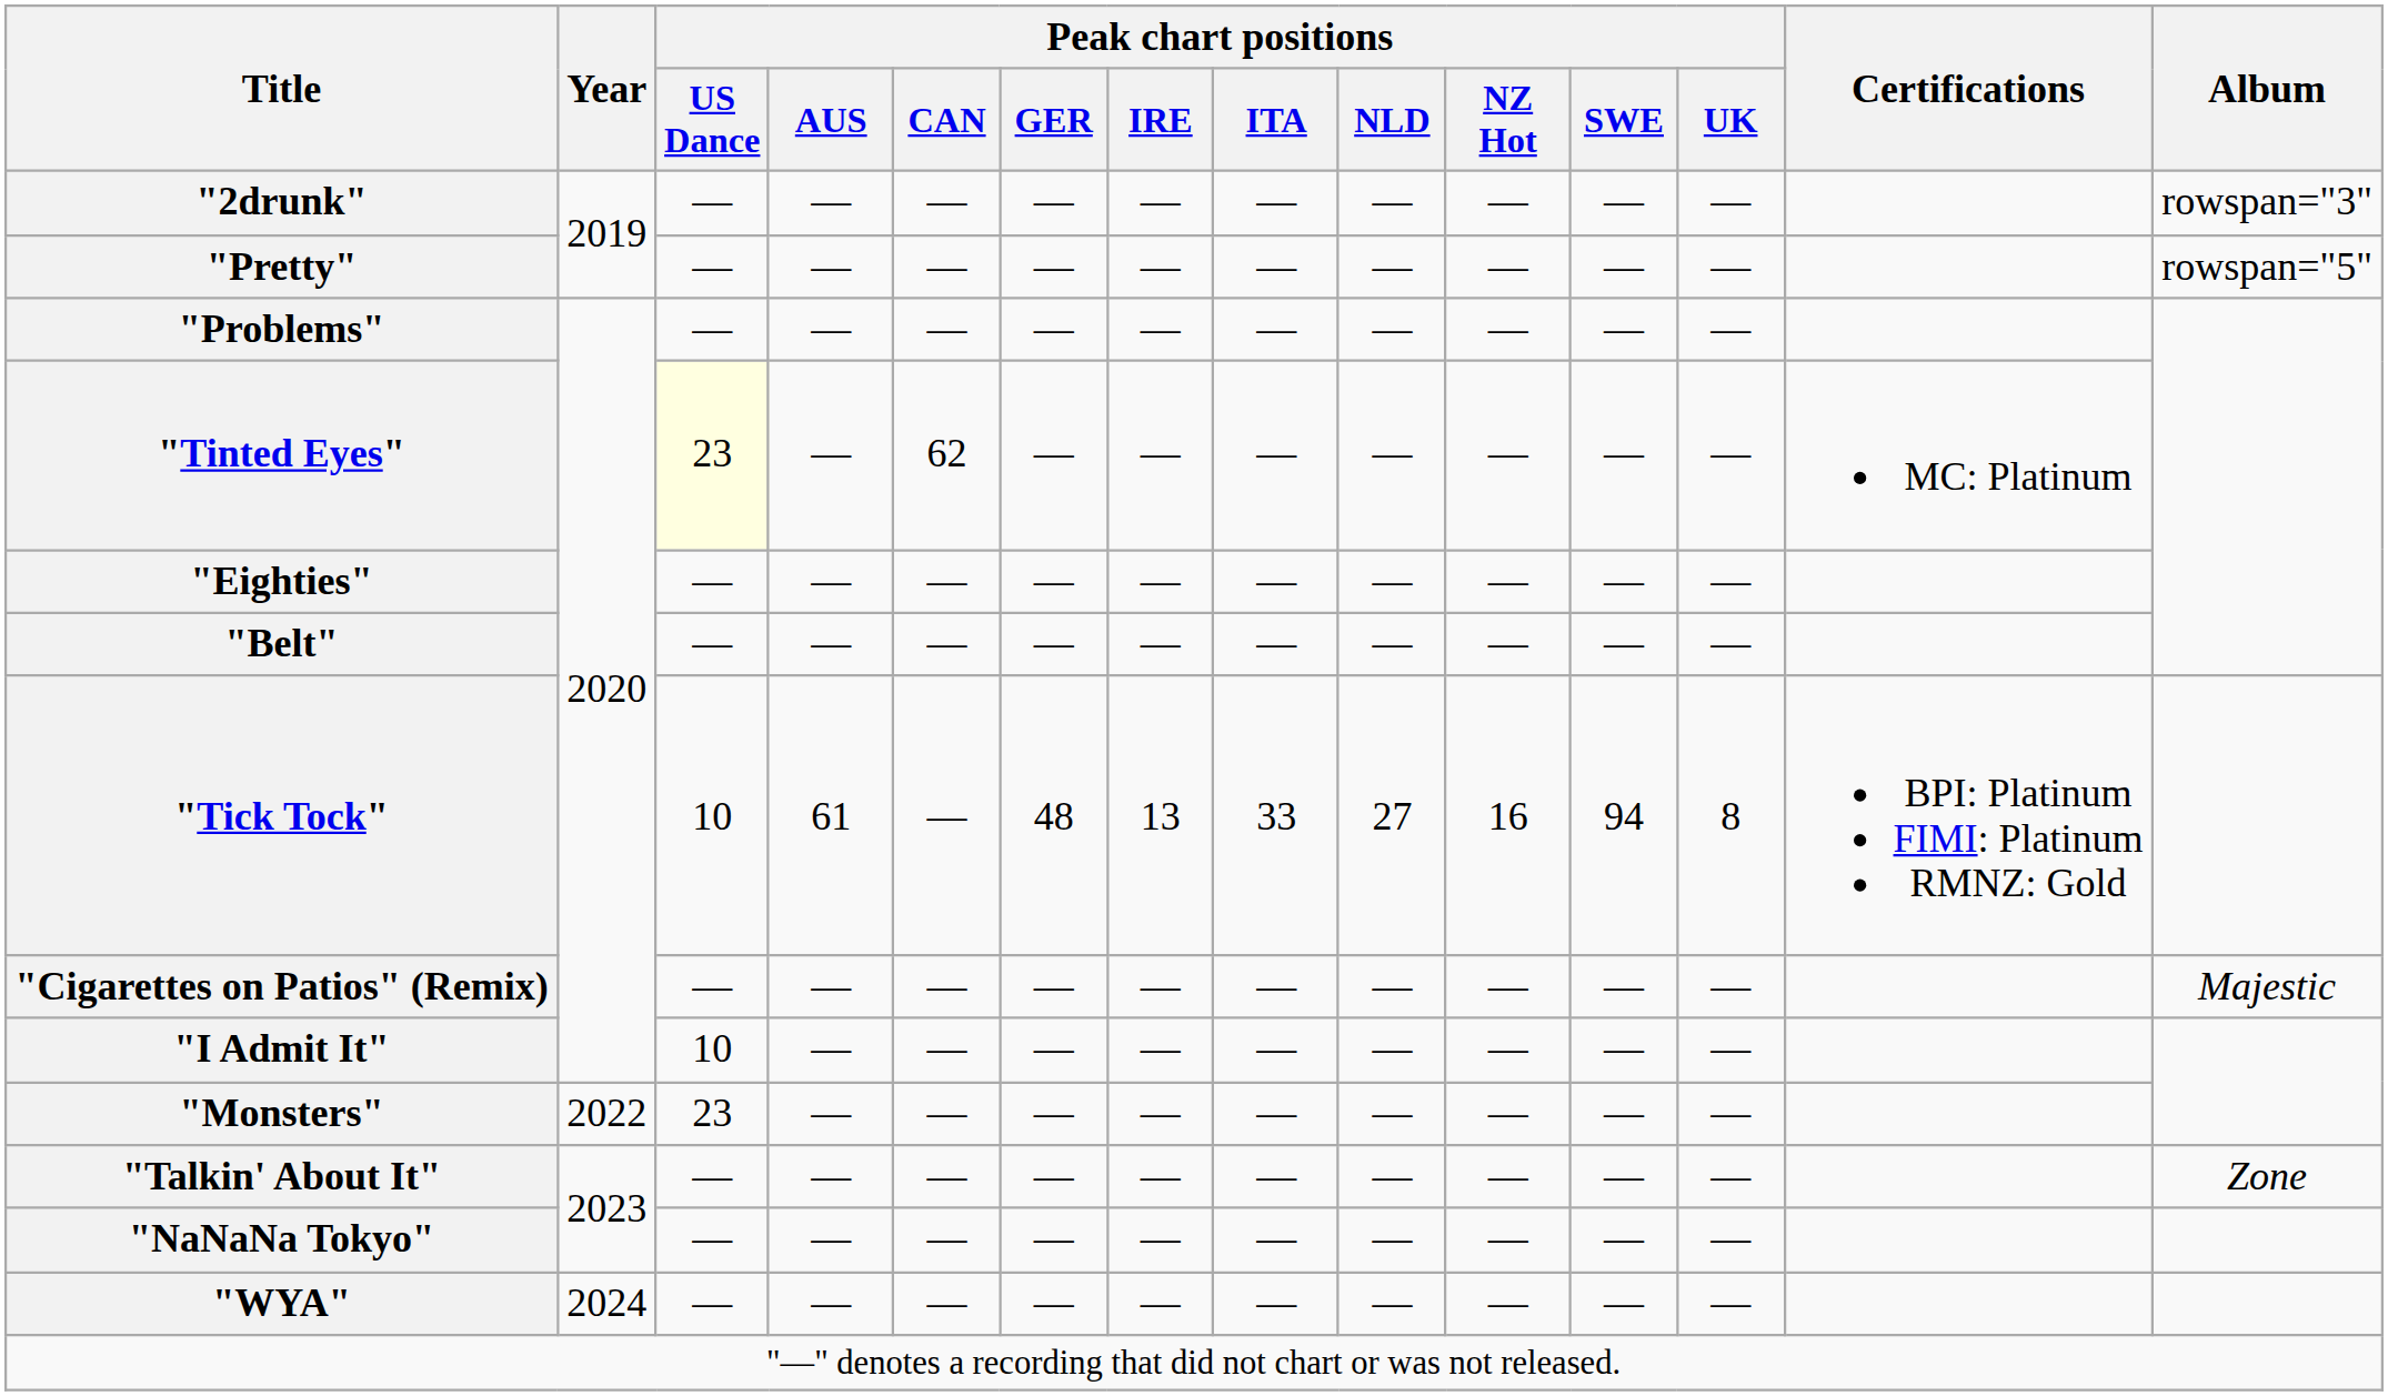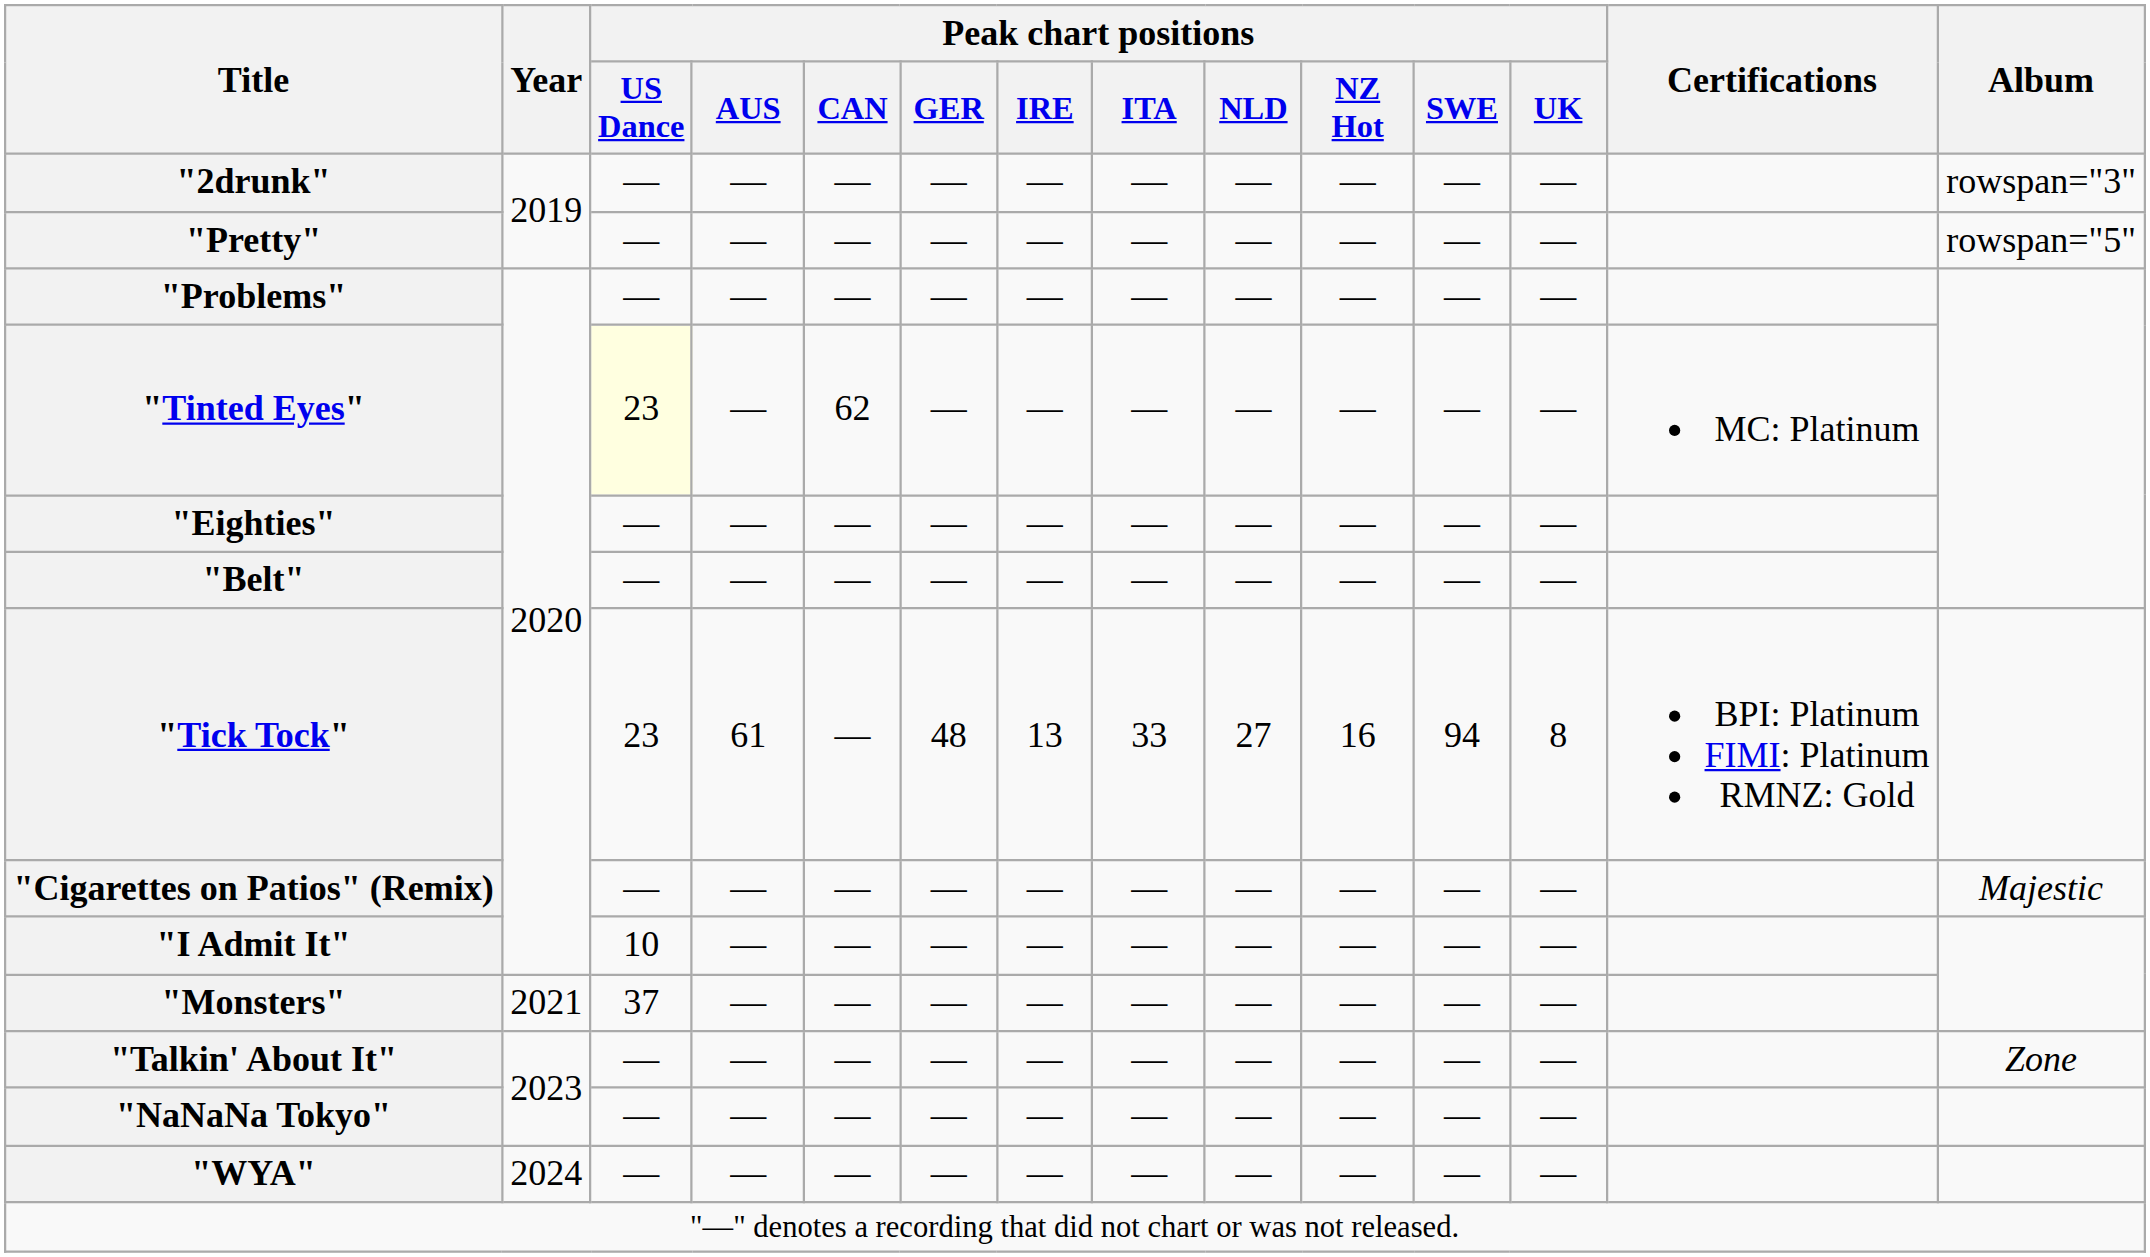 <table class="wikitable plainrowheaders" style="text-align:center">
 <tr>
 <th rowspan="2">Title</th>
 <th rowspan="2">Year</th>
 <th colspan="10">Peak chart positions</th>
 <th rowspan="2">Certifications</th>
 <th rowspan="2">Album</th>
 </tr>
 <tr>
 <th scope="col" style="width:2.5em;font-size:90%;"><a href='#'>US<br>Dance</a><br></th>
 <th scope="col" style="width:3em;font-size:90%;"><a href='#'>AUS</a><br></th>
 <th scope="col" style="width:2.5em;font-size:90%;"><a href='#'>CAN</a><br></th>
 <th scope="col" style="width:2.5em;font-size:90%;"><a href='#'>GER</a><br></th>
 <th scope="col" style="width:2.5em;font-size:90%;"><a href='#'>IRE</a><br></th>
 <th scope="col" style="width:3em;font-size:90%;"><a href='#'>ITA</a><br></th>
 <th scope="col" style="width:2.5em;font-size:90%;"><a href='#'>NLD</a><br></th>
 <th scope="col" style="width:3em;font-size:90%;"><a href='#'>NZ<br>Hot</a><br></th>
 <th scope="col" style="width:2.5em;font-size:90%;"><a href='#'>SWE</a><br></th>
 <th scope="col" style="width:2.5em;font-size:90%;"><a href='#'>UK</a><br></th>
 </tr>
 <tr>
 <th scope="row">"2drunk"<br></th>
 <td rowspan="2">2019</td>
 <td>—</td>
 <td>—</td>
 <td>—</td>
 <td>—</td>
 <td>—</td>
 <td>—</td>
 <td>—</td>
 <td>—</td>
 <td>—</td>
 <td>—</td>
 <td></td>
 <td>rowspan="3" </td>
 </tr>
 <tr>
 <th scope="row">"Pretty"<br></th>
 <td>—</td>
 <td>—</td>
 <td>—</td>
 <td>—</td>
 <td>—</td>
 <td>—</td>
 <td>—</td>
 <td>—</td>
 <td>—</td>
 <td>—</td>
 <td></td>
 <td>rowspan="5" </td>
 </tr>
 <tr>
 <th scope="row">"Problems"<br></th>
 <td rowspan="7">2020</td>
 <td>—</td>
 <td>—</td>
 <td>—</td>
 <td>—</td>
 <td>—</td>
 <td>—</td>
 <td>—</td>
 <td>—</td>
 <td>—</td>
 <td>—</td>
 <td></td>
 </tr>
 <tr>
 <th scope="row">"<a href='#'>Tinted Eyes</a>"<br></th>
 <td style="background: lightyellow;">23</td>
 <td>—</td>
 <td>62</td>
 <td>—</td>
 <td>—</td>
 <td>—</td>
 <td>—</td>
 <td>—</td>
 <td>—</td>
 <td>—</td>
 <td><br><ul><li>MC: Platinum</li></ul></td>
 </tr>
 <tr>
 <th scope="row">"Eighties"<br></th>
 <td>—</td>
 <td>—</td>
 <td>—</td>
 <td>—</td>
 <td>—</td>
 <td>—</td>
 <td>—</td>
 <td>—</td>
 <td>—</td>
 <td>—</td>
 <td></td>
 </tr>
 <tr>
 <th scope="row">"Belt"<br></th>
 <td>—</td>
 <td>—</td>
 <td>—</td>
 <td>—</td>
 <td>—</td>
 <td>—</td>
 <td>—</td>
 <td>—</td>
 <td>—</td>
 <td>—</td>
 <td></td>
 </tr>
 <tr>
 <th scope="row">"<a href='#'>Tick Tock</a>"<br></th>
-<td>10</td>
+<td>23</td>
 <td>61</td>
 <td>—</td>
 <td>48</td>
 <td>13</td>
 <td>33</td>
 <td>27</td>
 <td>16</td>
 <td>94</td>
 <td>8</td>
 <td><br><ul><li>BPI: Platinum</li><li><a href='#'>FIMI</a>: Platinum</li><li>RMNZ: Gold</li></ul></td>
 <td></td>
 </tr>
 <tr>
 <th scope="row">"Cigarettes on Patios" (Remix)<br></th>
 <td>—</td>
 <td>—</td>
 <td>—</td>
 <td>—</td>
 <td>—</td>
 <td>—</td>
 <td>—</td>
 <td>—</td>
 <td>—</td>
 <td>—</td>
 <td></td>
 <td><em>Majestic</em></td>
 </tr>
 <tr>
 <th scope="row">"I Admit It" <br></th>
 <td>10</td>
 <td>—</td>
 <td>—</td>
 <td>—</td>
 <td>—</td>
 <td>—</td>
 <td>—</td>
 <td>—</td>
 <td>—</td>
 <td>—</td>
 <td></td>
 </tr>
 <tr>
 <th scope="row">"Monsters" <br></th>
-<td>2022</td>
-<td>23</td>
+<td>2021</td>
+<td>37</td>
 <td>—</td>
 <td>—</td>
 <td>—</td>
 <td>—</td>
 <td>—</td>
 <td>—</td>
 <td>—</td>
 <td>—</td>
 <td>—</td>
 <td></td>
 </tr>
 <tr>
 <th scope="row">"Talkin' About It" <br></th>
 <td rowspan="2">2023</td>
 <td>—</td>
 <td>—</td>
 <td>—</td>
 <td>—</td>
 <td>—</td>
 <td>—</td>
 <td>—</td>
 <td>—</td>
 <td>—</td>
 <td>—</td>
 <td></td>
 <td><em>Zone</em></td>
 </tr>
 <tr>
 <th scope="row">"NaNaNa Tokyo"<br></th>
 <td>—</td>
 <td>—</td>
 <td>—</td>
 <td>—</td>
 <td>—</td>
 <td>—</td>
 <td>—</td>
 <td>—</td>
 <td>—</td>
 <td>—</td>
 <td></td>
 <td></td>
 </tr>
 <tr>
 <th scope="row">"WYA"<br></th>
 <td>2024</td>
 <td>—</td>
 <td>—</td>
 <td>—</td>
 <td>—</td>
 <td>—</td>
 <td>—</td>
 <td>—</td>
 <td>—</td>
 <td>—</td>
 <td>—</td>
 <td></td>
 <td></td>
 </tr>
 <tr>
 <td colspan="14" style="font-size:85%">"—" denotes a recording that did not chart or was not released.</td>
 </tr>
 </table>
